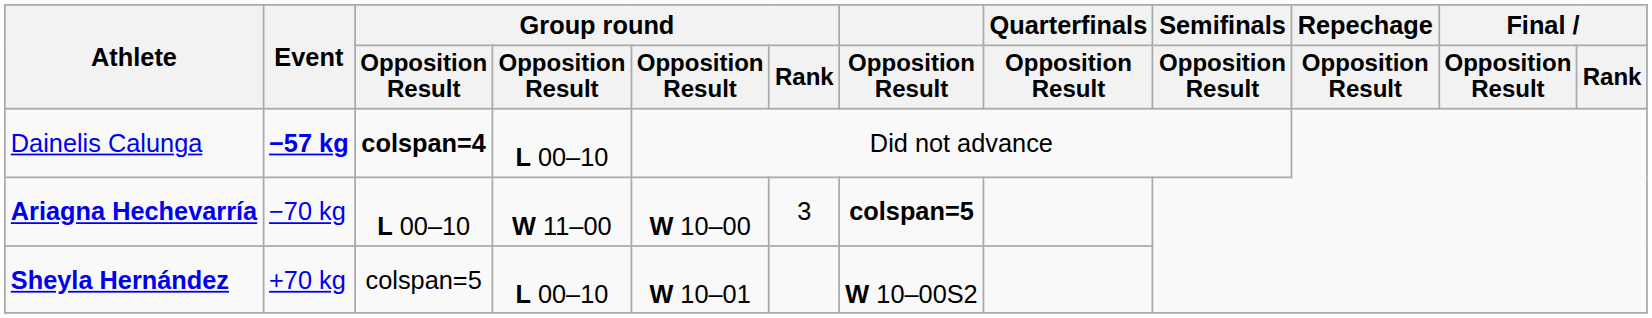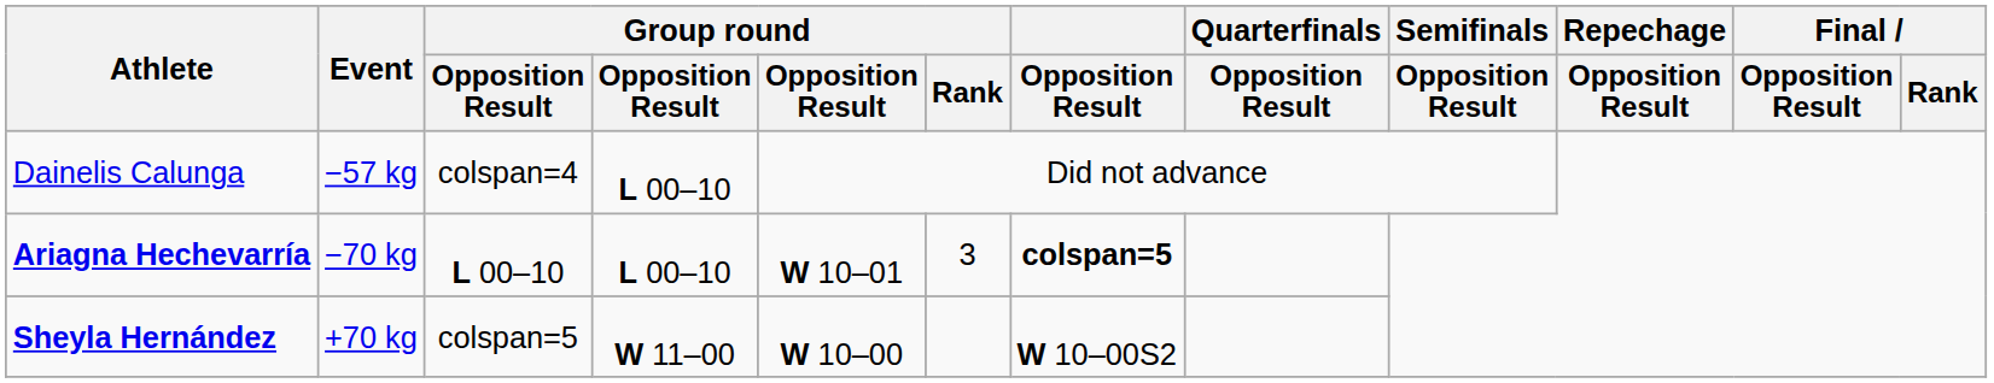 <table class="wikitable" style="font-size:90%">
 <tr>
 <th rowspan="2">Athlete</th>
 <th rowspan="2">Event</th>
 <th colspan="4">Group round</th>
 <th></th>
 <th>Quarterfinals</th>
 <th>Semifinals</th>
 <th>Repechage</th>
 <th colspan="2">Final / </th>
 </tr>
 <tr style="font-size:95%">
 <th>Opposition<br>Result</th>
 <th>Opposition<br>Result</th>
 <th>Opposition<br>Result</th>
 <th>Rank</th>
 <th>Opposition<br>Result</th>
 <th>Opposition<br>Result</th>
 <th>Opposition<br>Result</th>
 <th>Opposition<br>Result</th>
 <th>Opposition<br>Result</th>
 <th>Rank</th>
 </tr>
 <tr align=center>
 <td align=left><a href='#'>Dainelis Calunga</a></td>
-<td align=left><strong><a href='#'>−57 kg</a></strong></td>
-<td><strong>colspan=4 </strong></td>
+<td align=left><a href='#'>−57 kg</a></td>
+<td>colspan=4 </td>
 <td><br><strong>L</strong> 00–10</td>
 <td colspan=5>Did not advance</td>
 </tr>
 <tr align=center>
 <td align=left><strong><a href='#'>Ariagna Hechevarría</a></strong></td>
 <td align=left><a href='#'>−70 kg</a></td>
 <td><br><strong>L</strong> 00–10</td>
-<td><br><strong>W</strong> 11–00</td>
-<td><br><strong>W</strong> 10–00</td>
+<td><br><strong>L</strong> 00–10</td>
+<td><br><strong>W</strong> 10–01</td>
 <td>3</td>
 <td><strong>colspan=5 </strong></td>
 <td></td>
 </tr>
 <tr align=center>
 <td align=left><strong><a href='#'>Sheyla Hernández</a></strong></td>
 <td align=left><a href='#'>+70 kg</a></td>
 <td>colspan=5 </td>
-<td><br><strong>L</strong> 00–10</td>
-<td><br><strong>W</strong> 10–01</td>
+<td><br><strong>W</strong> 11–00</td>
+<td><br><strong>W</strong> 10–00</td>
 <td></td>
 <td><br><strong>W</strong> 10–00S2</td>
 <td></td>
 </tr>
 </table>
